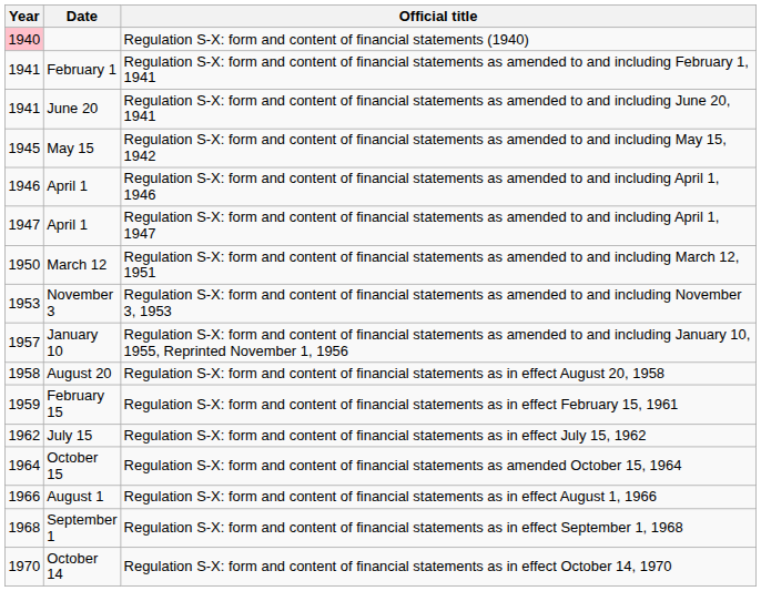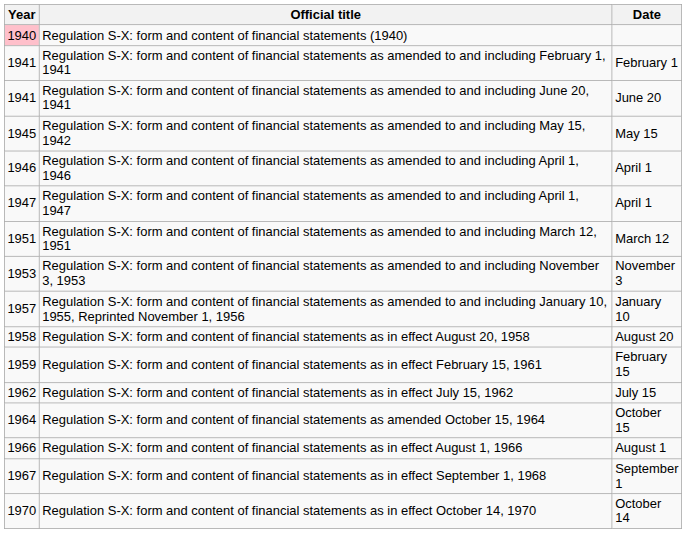 <table class="wikitable sortable">
 <tr>
 <th width="35">Year</th>
+<th width="700">Official title</th>
 <th width="55">Date</th>
-<th width="700">Official title</th>
 </tr>
 <tr>
 <td align="center" style="background: pink;">1940</td>
+<td>Regulation S-X: form and content of financial statements (1940) </td>
 <td></td>
-<td>Regulation S-X: form and content of financial statements (1940) </td>
 </tr>
 <tr>
 <td align="center">1941</td>
+<td>Regulation S-X: form and content of financial statements as amended to and including February 1, 1941 </td>
 <td>February 1</td>
-<td>Regulation S-X: form and content of financial statements as amended to and including February 1, 1941 </td>
 </tr>
 <tr>
 <td align="center">1941</td>
+<td>Regulation S-X: form and content of financial statements as amended to and including June 20, 1941 </td>
 <td>June 20</td>
-<td>Regulation S-X: form and content of financial statements as amended to and including June 20, 1941 </td>
 </tr>
 <tr>
 <td align="center">1945</td>
+<td>Regulation S-X: form and content of financial statements as amended to and including May 15, 1942 </td>
 <td>May 15</td>
-<td>Regulation S-X: form and content of financial statements as amended to and including May 15, 1942 </td>
 </tr>
 <tr>
 <td align="center">1946</td>
+<td>Regulation S-X: form and content of financial statements as amended to and including April 1, 1946 </td>
 <td>April 1</td>
-<td>Regulation S-X: form and content of financial statements as amended to and including April 1, 1946 </td>
 </tr>
 <tr>
 <td align="center">1947</td>
+<td>Regulation S-X: form and content of financial statements as amended to and including April 1, 1947 </td>
 <td>April 1</td>
-<td>Regulation S-X: form and content of financial statements as amended to and including April 1, 1947 </td>
 </tr>
 <tr>
-<td align="center">1950</td>
+<td align="center">1951</td>
+<td>Regulation S-X: form and content of financial statements as amended to and including March 12, 1951 </td>
 <td>March 12</td>
-<td>Regulation S-X: form and content of financial statements as amended to and including March 12, 1951 </td>
 </tr>
 <tr>
 <td align="center">1953</td>
+<td>Regulation S-X: form and content of financial statements as amended to and including November 3, 1953 </td>
 <td>November 3</td>
-<td>Regulation S-X: form and content of financial statements as amended to and including November 3, 1953 </td>
 </tr>
 <tr>
 <td align="center">1957</td>
+<td>Regulation S-X: form and content of financial statements as amended to and including January 10, 1955, Reprinted November 1, 1956 </td>
 <td>January 10</td>
-<td>Regulation S-X: form and content of financial statements as amended to and including January 10, 1955, Reprinted November 1, 1956 </td>
 </tr>
 <tr>
 <td align="center">1958</td>
+<td>Regulation S-X: form and content of financial statements as in effect August 20, 1958 </td>
 <td>August 20</td>
-<td>Regulation S-X: form and content of financial statements as in effect August 20, 1958 </td>
 </tr>
 <tr>
 <td align="center">1959</td>
+<td>Regulation S-X: form and content of financial statements as in effect February 15, 1961 </td>
 <td>February 15</td>
-<td>Regulation S-X: form and content of financial statements as in effect February 15, 1961 </td>
 </tr>
 <tr>
 <td align="center">1962</td>
+<td>Regulation S-X: form and content of financial statements as in effect July 15, 1962 </td>
 <td>July 15</td>
-<td>Regulation S-X: form and content of financial statements as in effect July 15, 1962 </td>
 </tr>
 <tr>
 <td align="center">1964</td>
+<td>Regulation S-X: form and content of financial statements as amended October 15, 1964 </td>
 <td>October 15</td>
-<td>Regulation S-X: form and content of financial statements as amended October 15, 1964 </td>
 </tr>
 <tr>
 <td align="center">1966</td>
+<td>Regulation S-X: form and content of financial statements as in effect August 1, 1966 </td>
 <td>August 1</td>
-<td>Regulation S-X: form and content of financial statements as in effect August 1, 1966 </td>
 </tr>
 <tr>
-<td align="center">1968</td>
+<td align="center">1967</td>
+<td>Regulation S-X: form and content of financial statements as in effect September 1, 1968 </td>
 <td>September 1</td>
-<td>Regulation S-X: form and content of financial statements as in effect September 1, 1968 </td>
 </tr>
 <tr>
 <td align="center">1970</td>
+<td>Regulation S-X: form and content of financial statements as in effect October 14, 1970 </td>
 <td>October 14</td>
-<td>Regulation S-X: form and content of financial statements as in effect October 14, 1970 </td>
 </tr>
 </table>
